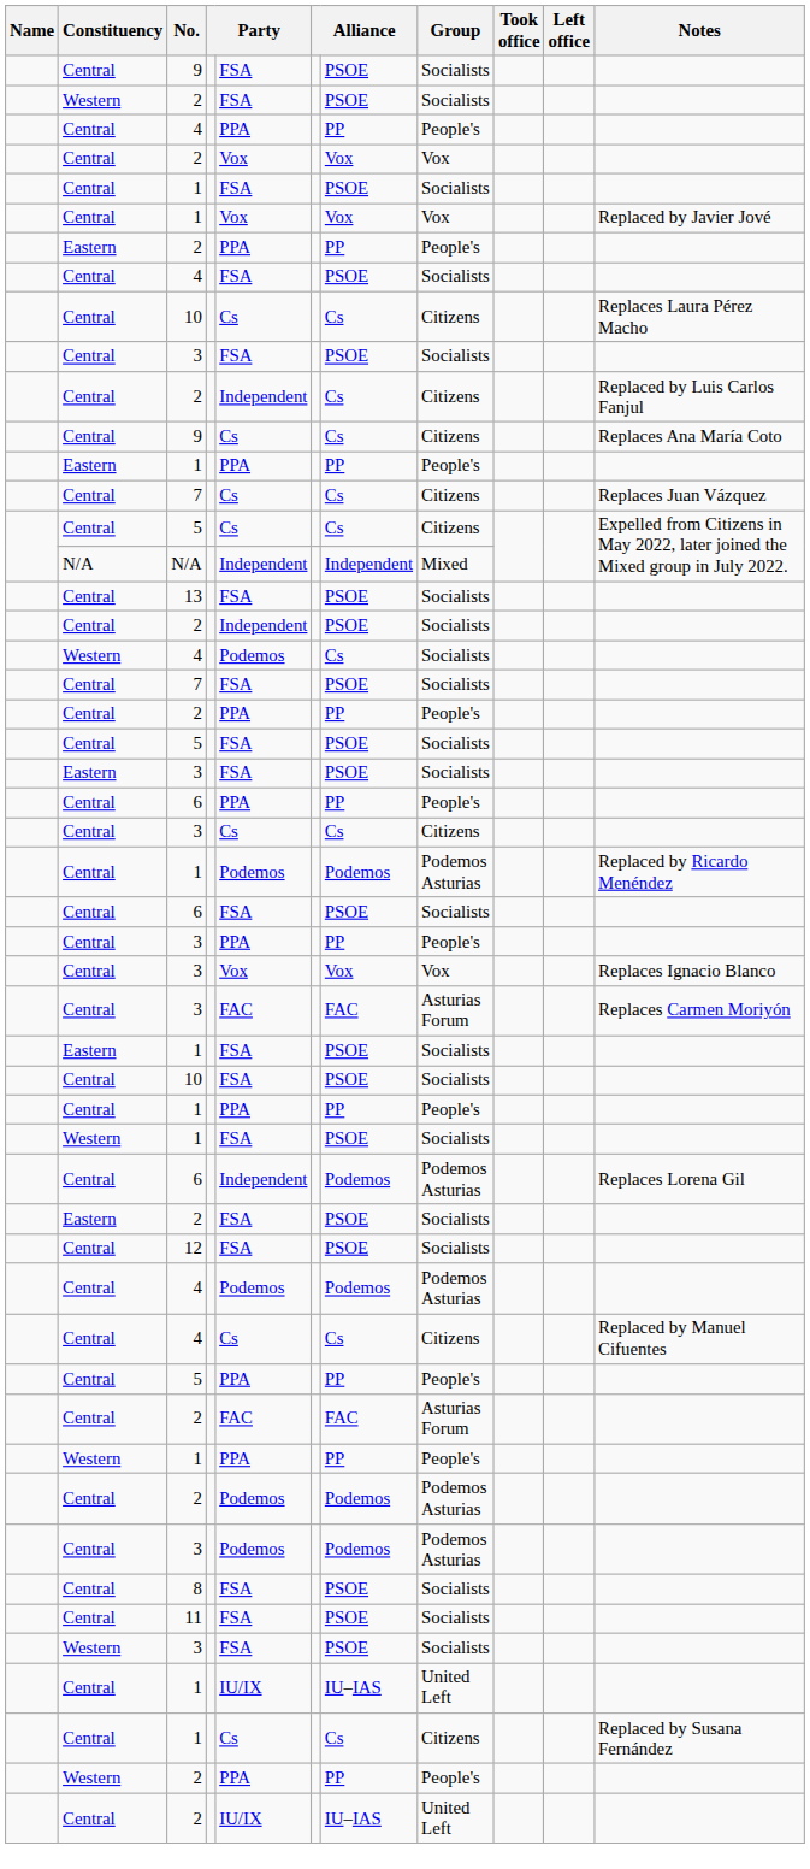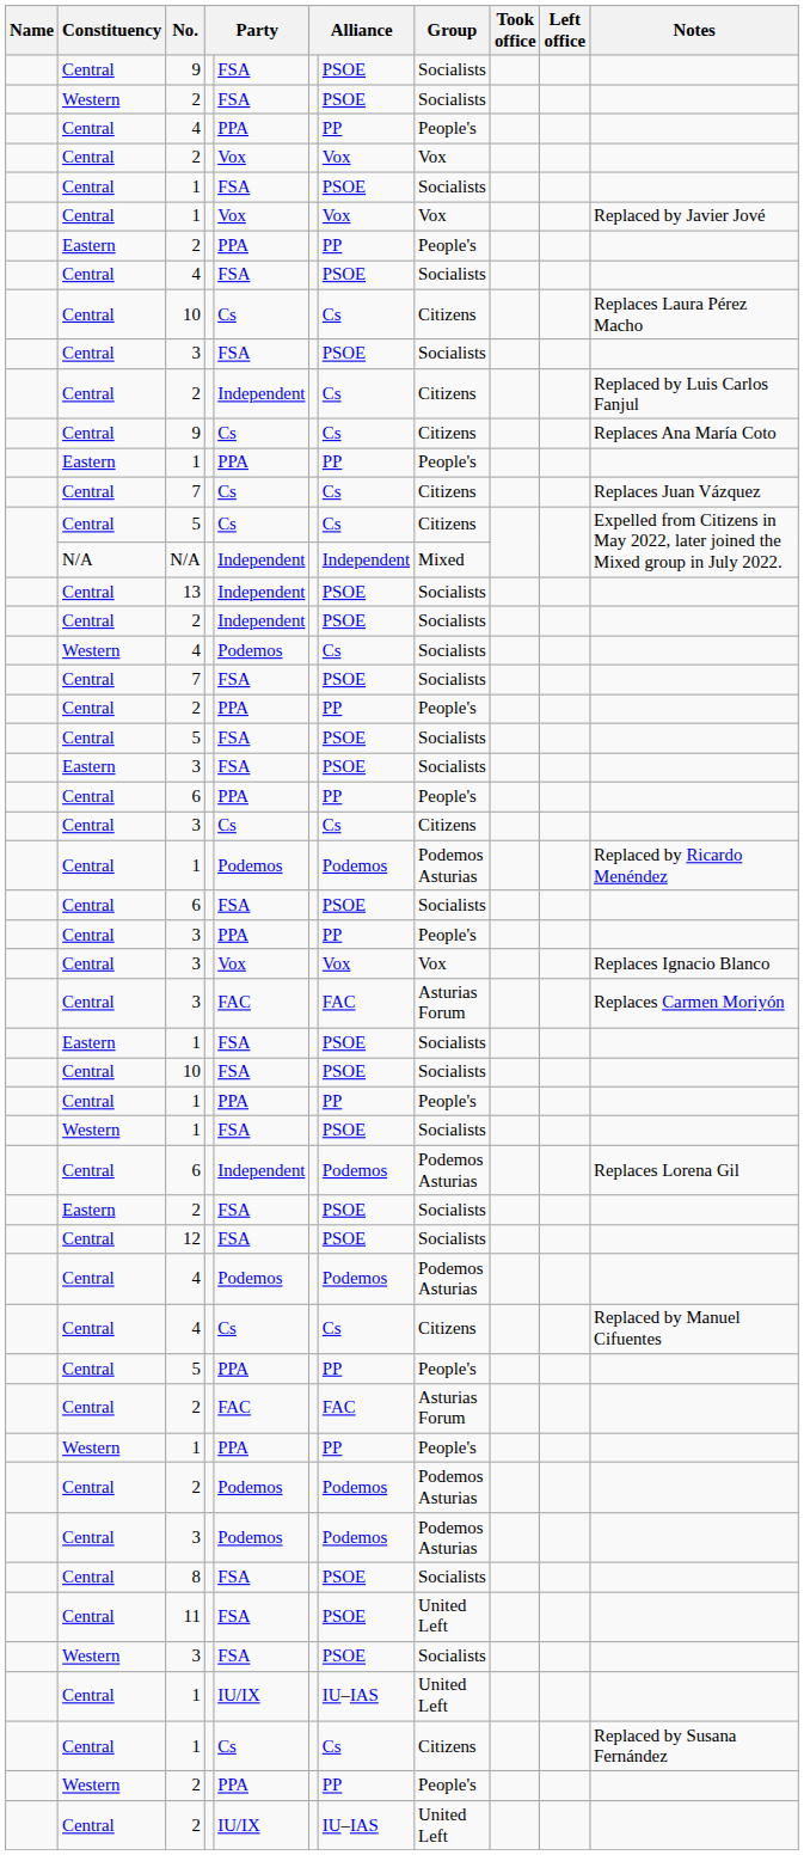 <table class="wikitable plainrowheaders sortable" style="font-size:85%; text-align:left;">
 <tr>
 <th scope=col>Name</th>
 <th scope=col>Constituency</th>
 <th scope=col>No.</th>
 <th scope=col colspan="2">Party</th>
 <th scope=col colspan="2">Alliance</th>
 <th scope=col>Group</th>
 <th scope=col>Took office</th>
 <th scope=col>Left office</th>
 <th scope=col width="200">Notes</th>
 </tr>
 <tr>
 <td></td>
 <td><a href='#'>Central</a></td>
 <td align=right>9</td>
 <td style="width:0.5px;background:"></td>
 <td><a href='#'>FSA</a></td>
 <td style="width:0.5px;background:"></td>
 <td><a href='#'>PSOE</a></td>
 <td>Socialists</td>
 <td align=center></td>
 <td align=center></td>
 <td></td>
 </tr>
 <tr>
 <td></td>
 <td><a href='#'>Western</a></td>
 <td align=right>2</td>
 <td style="background:"></td>
 <td><a href='#'>FSA</a></td>
 <td style="background:"></td>
 <td><a href='#'>PSOE</a></td>
 <td>Socialists</td>
 <td align=center></td>
 <td align=center></td>
 <td></td>
 </tr>
 <tr>
 <td></td>
 <td><a href='#'>Central</a></td>
 <td align=right>4</td>
 <td style="background:"></td>
 <td><a href='#'>PPA</a></td>
 <td style="background:"></td>
 <td><a href='#'>PP</a></td>
 <td>People's</td>
 <td align=center></td>
 <td align=center></td>
 <td></td>
 </tr>
 <tr>
 <td></td>
 <td><a href='#'>Central</a></td>
 <td align=right>2</td>
 <td style="background:"></td>
 <td><a href='#'>Vox</a></td>
 <td style="background:"></td>
 <td><a href='#'>Vox</a></td>
 <td>Vox</td>
 <td align=center></td>
 <td align=center></td>
 <td></td>
 </tr>
 <tr>
 <td></td>
 <td><a href='#'>Central</a></td>
 <td align=right>1</td>
 <td style="background:"></td>
 <td><a href='#'>FSA</a></td>
 <td style="background:"></td>
 <td><a href='#'>PSOE</a></td>
 <td>Socialists</td>
 <td align=center></td>
 <td align=center></td>
 <td></td>
 </tr>
 <tr>
 <td></td>
 <td><a href='#'>Central</a></td>
 <td align=right>1</td>
 <td style="background:"></td>
 <td><a href='#'>Vox</a></td>
 <td style="background:"></td>
 <td><a href='#'>Vox</a></td>
 <td>Vox</td>
 <td align=center></td>
 <td align=center></td>
 <td>Replaced by Javier Jové</td>
 </tr>
 <tr>
 <td></td>
 <td><a href='#'>Eastern</a></td>
 <td align=right>2</td>
 <td style="background:"></td>
 <td><a href='#'>PPA</a></td>
 <td style="background:"></td>
 <td><a href='#'>PP</a></td>
 <td>People's</td>
 <td align=center></td>
 <td align=center></td>
 <td></td>
 </tr>
 <tr>
 <td></td>
 <td><a href='#'>Central</a></td>
 <td align=right>4</td>
 <td style="background:"></td>
 <td><a href='#'>FSA</a></td>
 <td style="background:"></td>
 <td><a href='#'>PSOE</a></td>
 <td>Socialists</td>
 <td align=center></td>
 <td align=center></td>
 <td></td>
 </tr>
 <tr>
 <td></td>
 <td><a href='#'>Central</a></td>
 <td align=right>10</td>
 <td style="background:"></td>
 <td><a href='#'>Cs</a></td>
 <td style="background:"></td>
 <td><a href='#'>Cs</a></td>
 <td>Citizens</td>
 <td align=center></td>
 <td align=center></td>
 <td>Replaces Laura Pérez Macho</td>
 </tr>
 <tr>
 <td></td>
 <td><a href='#'>Central</a></td>
 <td align=right>3</td>
 <td style="background:"></td>
 <td><a href='#'>FSA</a></td>
 <td style="background:"></td>
 <td><a href='#'>PSOE</a></td>
 <td>Socialists</td>
 <td align=center></td>
 <td align=center></td>
 <td></td>
 </tr>
 <tr>
 <td></td>
 <td><a href='#'>Central</a></td>
 <td align=right>2</td>
 <td style="background:"></td>
 <td><a href='#'>Independent</a></td>
 <td style="background:"></td>
 <td><a href='#'>Cs</a></td>
 <td>Citizens</td>
 <td align=center></td>
 <td align=center></td>
 <td>Replaced by Luis Carlos Fanjul</td>
 </tr>
 <tr>
 <td></td>
 <td><a href='#'>Central</a></td>
 <td align=right>9</td>
 <td style="background:"></td>
 <td><a href='#'>Cs</a></td>
 <td style="background:"></td>
 <td><a href='#'>Cs</a></td>
 <td>Citizens</td>
 <td align=center></td>
 <td align=center></td>
 <td>Replaces Ana María Coto</td>
 </tr>
 <tr>
 <td></td>
 <td><a href='#'>Eastern</a></td>
 <td align=right>1</td>
 <td style="background:"></td>
 <td><a href='#'>PPA</a></td>
 <td style="background:"></td>
 <td><a href='#'>PP</a></td>
 <td>People's</td>
 <td align=center></td>
 <td align=center></td>
 <td></td>
 </tr>
 <tr>
 <td></td>
 <td><a href='#'>Central</a></td>
 <td align=right>7</td>
 <td style="background:"></td>
 <td><a href='#'>Cs</a></td>
 <td style="background:"></td>
 <td><a href='#'>Cs</a></td>
 <td>Citizens</td>
 <td align=center></td>
 <td align=center></td>
 <td>Replaces Juan Vázquez</td>
 </tr>
 <tr>
 <td rowspan="2"></td>
 <td><a href='#'>Central</a></td>
 <td align=right>5</td>
 <td style="background:"></td>
 <td><a href='#'>Cs</a></td>
 <td style="background:"></td>
 <td><a href='#'>Cs</a></td>
 <td>Citizens</td>
 <td rowspan="2" align="center"></td>
 <td rowspan="2" align=center></td>
 <td rowspan="2">Expelled from Citizens in May 2022, later joined the Mixed group in July 2022.</td>
 </tr>
 <tr>
 <td>N/A</td>
 <td align=right>N/A</td>
 <td style="background:"></td>
 <td><a href='#'>Independent</a></td>
 <td style="background:"></td>
 <td><a href='#'>Independent</a></td>
 <td>Mixed</td>
 </tr>
 <tr>
 <td></td>
 <td><a href='#'>Central</a></td>
 <td align=right>13</td>
 <td style="background:"></td>
-<td><a href='#'>FSA</a></td>
+<td><a href='#'>Independent</a></td>
 <td style="background:"></td>
 <td><a href='#'>PSOE</a></td>
 <td>Socialists</td>
 <td align=center></td>
 <td align=center></td>
 <td></td>
 </tr>
 <tr>
 <td></td>
 <td><a href='#'>Central</a></td>
 <td align=right>2</td>
 <td style="background:"></td>
 <td><a href='#'>Independent</a></td>
 <td style="background:"></td>
 <td><a href='#'>PSOE</a></td>
 <td>Socialists</td>
 <td align=center></td>
 <td align=center></td>
 <td></td>
 </tr>
 <tr>
 <td></td>
 <td><a href='#'>Western</a></td>
 <td align=right>4</td>
 <td style="background:"></td>
 <td><a href='#'>Podemos</a></td>
 <td style="background:"></td>
 <td><a href='#'>Cs</a></td>
 <td>Socialists</td>
 <td align=center></td>
 <td align=center></td>
 <td></td>
 </tr>
 <tr>
 <td></td>
 <td><a href='#'>Central</a></td>
 <td align=right>7</td>
 <td style="background:"></td>
 <td><a href='#'>FSA</a></td>
 <td style="background:"></td>
 <td><a href='#'>PSOE</a></td>
 <td>Socialists</td>
 <td align=center></td>
 <td align=center></td>
 <td></td>
 </tr>
 <tr>
 <td></td>
 <td><a href='#'>Central</a></td>
 <td align=right>2</td>
 <td style="background:"></td>
 <td><a href='#'>PPA</a></td>
 <td style="background:"></td>
 <td><a href='#'>PP</a></td>
 <td>People's</td>
 <td align=center></td>
 <td align=center></td>
 <td></td>
 </tr>
 <tr>
 <td></td>
 <td><a href='#'>Central</a></td>
 <td align=right>5</td>
 <td style="background:"></td>
 <td><a href='#'>FSA</a></td>
 <td style="background:"></td>
 <td><a href='#'>PSOE</a></td>
 <td>Socialists</td>
 <td align=center></td>
 <td align=center></td>
 <td></td>
 </tr>
 <tr>
 <td></td>
 <td><a href='#'>Eastern</a></td>
 <td align=right>3</td>
 <td style="background:"></td>
 <td><a href='#'>FSA</a></td>
 <td style="background:"></td>
 <td><a href='#'>PSOE</a></td>
 <td>Socialists</td>
 <td align=center></td>
 <td align=center></td>
 <td></td>
 </tr>
 <tr>
 <td></td>
 <td><a href='#'>Central</a></td>
 <td align=right>6</td>
 <td style="background:"></td>
 <td><a href='#'>PPA</a></td>
 <td style="background:"></td>
 <td><a href='#'>PP</a></td>
 <td>People's</td>
 <td align=center></td>
 <td align=center></td>
 <td></td>
 </tr>
 <tr>
 <td></td>
 <td><a href='#'>Central</a></td>
 <td align=right>3</td>
 <td style="background:"></td>
 <td><a href='#'>Cs</a></td>
 <td style="background:"></td>
 <td><a href='#'>Cs</a></td>
 <td>Citizens</td>
 <td align=center></td>
 <td align=center></td>
 <td></td>
 </tr>
 <tr>
 <td></td>
 <td><a href='#'>Central</a></td>
 <td align=right>1</td>
 <td style="background:"></td>
 <td><a href='#'>Podemos</a></td>
 <td style="background:"></td>
 <td><a href='#'>Podemos</a></td>
 <td>Podemos Asturias</td>
 <td align=center></td>
 <td align=center></td>
 <td>Replaced by <a href='#'>Ricardo Menéndez</a></td>
 </tr>
 <tr>
 <td></td>
 <td><a href='#'>Central</a></td>
 <td align=right>6</td>
 <td style="background:"></td>
 <td><a href='#'>FSA</a></td>
 <td style="background:"></td>
 <td><a href='#'>PSOE</a></td>
 <td>Socialists</td>
 <td align=center></td>
 <td align=center></td>
 <td></td>
 </tr>
 <tr>
 <td></td>
 <td><a href='#'>Central</a></td>
 <td align=right>3</td>
 <td style="background:"></td>
 <td><a href='#'>PPA</a></td>
 <td style="background:"></td>
 <td><a href='#'>PP</a></td>
 <td>People's</td>
 <td align=center></td>
 <td align=center></td>
 <td></td>
 </tr>
 <tr>
 <td></td>
 <td><a href='#'>Central</a></td>
 <td align=right>3</td>
 <td style="background:"></td>
 <td><a href='#'>Vox</a></td>
 <td style="background:"></td>
 <td><a href='#'>Vox</a></td>
 <td>Vox</td>
 <td align=center></td>
 <td align=center></td>
 <td>Replaces Ignacio Blanco</td>
 </tr>
 <tr>
 <td></td>
 <td><a href='#'>Central</a></td>
 <td align=right>3</td>
 <td style="background:"></td>
 <td><a href='#'>FAC</a></td>
 <td style="background:"></td>
 <td><a href='#'>FAC</a></td>
 <td>Asturias Forum</td>
 <td align=center></td>
 <td align=center></td>
 <td>Replaces <a href='#'>Carmen Moriyón</a></td>
 </tr>
 <tr>
 <td></td>
 <td><a href='#'>Eastern</a></td>
 <td align=right>1</td>
 <td style="background:"></td>
 <td><a href='#'>FSA</a></td>
 <td style="background:"></td>
 <td><a href='#'>PSOE</a></td>
 <td>Socialists</td>
 <td align=center></td>
 <td align=center></td>
 <td></td>
 </tr>
 <tr>
 <td></td>
 <td><a href='#'>Central</a></td>
 <td align=right>10</td>
 <td style="background:"></td>
 <td><a href='#'>FSA</a></td>
 <td style="background:"></td>
 <td><a href='#'>PSOE</a></td>
 <td>Socialists</td>
 <td align=center></td>
 <td align=center></td>
 <td></td>
 </tr>
 <tr>
 <td></td>
 <td><a href='#'>Central</a></td>
 <td align=right>1</td>
 <td style="background:"></td>
 <td><a href='#'>PPA</a></td>
 <td style="background:"></td>
 <td><a href='#'>PP</a></td>
 <td>People's</td>
 <td align=center></td>
 <td align=center></td>
 <td></td>
 </tr>
 <tr>
 <td></td>
 <td><a href='#'>Western</a></td>
 <td align=right>1</td>
 <td style="background:"></td>
 <td><a href='#'>FSA</a></td>
 <td style="background:"></td>
 <td><a href='#'>PSOE</a></td>
 <td>Socialists</td>
 <td align=center></td>
 <td align=center></td>
 <td></td>
 </tr>
 <tr>
 <td></td>
 <td><a href='#'>Central</a></td>
 <td align=right>6</td>
 <td style="background:"></td>
 <td><a href='#'>Independent</a></td>
 <td style="background:"></td>
 <td><a href='#'>Podemos</a></td>
 <td>Podemos Asturias</td>
 <td align=center></td>
 <td align=center></td>
 <td>Replaces Lorena Gil</td>
 </tr>
 <tr>
 <td></td>
 <td><a href='#'>Eastern</a></td>
 <td align=right>2</td>
 <td style="background:"></td>
 <td><a href='#'>FSA</a></td>
 <td style="background:"></td>
 <td><a href='#'>PSOE</a></td>
 <td>Socialists</td>
 <td align=center></td>
 <td align=center></td>
 <td></td>
 </tr>
 <tr>
 <td></td>
 <td><a href='#'>Central</a></td>
 <td align=right>12</td>
 <td style="background:"></td>
 <td><a href='#'>FSA</a></td>
 <td style="background:"></td>
 <td><a href='#'>PSOE</a></td>
 <td>Socialists</td>
 <td align=center></td>
 <td align=center></td>
 <td></td>
 </tr>
 <tr>
 <td></td>
 <td><a href='#'>Central</a></td>
 <td align=right>4</td>
 <td style="background:"></td>
 <td><a href='#'>Podemos</a></td>
 <td style="background:"></td>
 <td><a href='#'>Podemos</a></td>
 <td>Podemos Asturias</td>
 <td align=center></td>
 <td align=center></td>
 <td></td>
 </tr>
 <tr>
 <td></td>
 <td><a href='#'>Central</a></td>
 <td align=right>4</td>
 <td style="background:"></td>
 <td><a href='#'>Cs</a></td>
 <td style="background:"></td>
 <td><a href='#'>Cs</a></td>
 <td>Citizens</td>
 <td align=center></td>
 <td align=center></td>
 <td>Replaced by Manuel Cifuentes</td>
 </tr>
 <tr>
 <td></td>
 <td><a href='#'>Central</a></td>
 <td align=right>5</td>
 <td style="background:"></td>
 <td><a href='#'>PPA</a></td>
 <td style="background:"></td>
 <td><a href='#'>PP</a></td>
 <td>People's</td>
 <td align=center></td>
 <td align=center></td>
 <td></td>
 </tr>
 <tr>
 <td></td>
 <td><a href='#'>Central</a></td>
 <td align=right>2</td>
 <td style="background:"></td>
 <td><a href='#'>FAC</a></td>
 <td style="background:"></td>
 <td><a href='#'>FAC</a></td>
 <td>Asturias Forum</td>
 <td align=center></td>
 <td align=center></td>
 <td></td>
 </tr>
 <tr>
 <td></td>
 <td><a href='#'>Western</a></td>
 <td align=right>1</td>
 <td style="background:"></td>
 <td><a href='#'>PPA</a></td>
 <td style="background:"></td>
 <td><a href='#'>PP</a></td>
 <td>People's</td>
 <td align=center></td>
 <td align=center></td>
 <td></td>
 </tr>
 <tr>
 <td></td>
 <td><a href='#'>Central</a></td>
 <td align=right>2</td>
 <td style="background:"></td>
 <td><a href='#'>Podemos</a></td>
 <td style="background:"></td>
 <td><a href='#'>Podemos</a></td>
 <td>Podemos Asturias</td>
 <td align=center></td>
 <td align=center></td>
 <td></td>
 </tr>
 <tr>
 <td></td>
 <td><a href='#'>Central</a></td>
 <td align=right>3</td>
 <td style="background:"></td>
 <td><a href='#'>Podemos</a></td>
 <td style="background:"></td>
 <td><a href='#'>Podemos</a></td>
 <td>Podemos Asturias</td>
 <td align=center></td>
 <td align=center></td>
 <td></td>
 </tr>
 <tr>
 <td></td>
 <td><a href='#'>Central</a></td>
 <td align=right>8</td>
 <td style="background:"></td>
 <td><a href='#'>FSA</a></td>
 <td style="background:"></td>
 <td><a href='#'>PSOE</a></td>
 <td>Socialists</td>
 <td align=center></td>
 <td align=center></td>
 <td></td>
 </tr>
 <tr>
 <td></td>
 <td><a href='#'>Central</a></td>
 <td align=right>11</td>
 <td style="background:"></td>
 <td><a href='#'>FSA</a></td>
 <td style="background:"></td>
 <td><a href='#'>PSOE</a></td>
-<td>Socialists</td>
+<td>United Left</td>
 <td align=center></td>
 <td align=center></td>
 <td></td>
 </tr>
 <tr>
 <td></td>
 <td><a href='#'>Western</a></td>
 <td align=right>3</td>
 <td style="background:"></td>
 <td><a href='#'>FSA</a></td>
 <td style="background:"></td>
 <td><a href='#'>PSOE</a></td>
 <td>Socialists</td>
 <td align=center></td>
 <td align=center></td>
 <td></td>
 </tr>
 <tr>
 <td></td>
 <td><a href='#'>Central</a></td>
 <td align=right>1</td>
 <td style="background:"></td>
 <td><a href='#'>IU/IX</a></td>
 <td style="background:"></td>
 <td><a href='#'>IU</a>–<a href='#'>IAS</a></td>
 <td>United Left</td>
 <td align=center></td>
 <td align=center></td>
 <td></td>
 </tr>
 <tr>
 <td></td>
 <td><a href='#'>Central</a></td>
 <td align=right>1</td>
 <td style="background:"></td>
 <td><a href='#'>Cs</a></td>
 <td style="background:"></td>
 <td><a href='#'>Cs</a></td>
 <td>Citizens</td>
 <td align=center></td>
 <td align=center></td>
 <td>Replaced by Susana Fernández</td>
 </tr>
 <tr>
 <td></td>
 <td><a href='#'>Western</a></td>
 <td align=right>2</td>
 <td style="background:"></td>
 <td><a href='#'>PPA</a></td>
 <td style="background:"></td>
 <td><a href='#'>PP</a></td>
 <td>People's</td>
 <td align=center></td>
 <td align=center></td>
 <td></td>
 </tr>
 <tr>
 <td></td>
 <td><a href='#'>Central</a></td>
 <td align=right>2</td>
 <td style="background:"></td>
 <td><a href='#'>IU/IX</a></td>
 <td style="background:"></td>
 <td><a href='#'>IU</a>–<a href='#'>IAS</a></td>
 <td>United Left</td>
 <td align=center></td>
 <td align=center></td>
 <td></td>
 </tr>
 <tr>
 </tr>
 </table>
